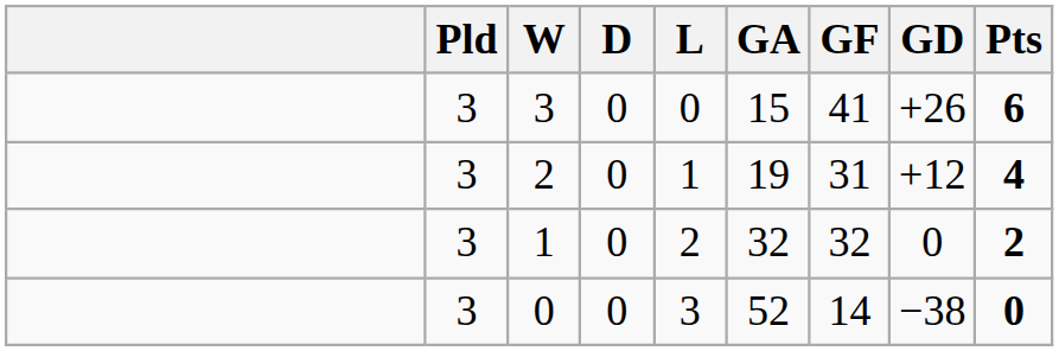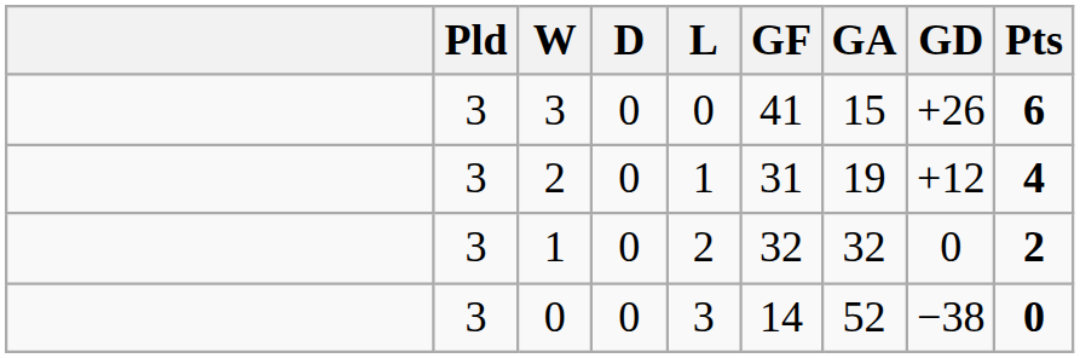 <table class="wikitable" style="text-align:center;">
 <tr>
 <th width=150></th>
 <th width=20>Pld</th>
 <th width=20>W</th>
 <th width=20>D</th>
 <th width=20>L</th>
+<th width=20>GF</th>
 <th width=20>GA</th>
-<th width=20>GF</th>
 <th width=20>GD</th>
 <th width=20>Pts</th>
 </tr>
 <tr>
 <td align="left"></td>
 <td>3</td>
 <td>3</td>
 <td>0</td>
 <td>0</td>
+<td>41</td>
 <td>15</td>
-<td>41</td>
 <td>+26</td>
 <td><strong>6</strong></td>
 </tr>
 <tr>
 <td align="left"></td>
 <td>3</td>
 <td>2</td>
 <td>0</td>
 <td>1</td>
+<td>31</td>
 <td>19</td>
-<td>31</td>
 <td>+12</td>
 <td><strong>4</strong></td>
 </tr>
 <tr>
 <td align="left"></td>
 <td>3</td>
 <td>1</td>
 <td>0</td>
 <td>2</td>
 <td>32</td>
 <td>32</td>
 <td>0</td>
 <td><strong>2</strong></td>
 </tr>
 <tr>
 <td align="left"></td>
 <td>3</td>
 <td>0</td>
 <td>0</td>
 <td>3</td>
+<td>14</td>
 <td>52</td>
-<td>14</td>
 <td>−38</td>
 <td><strong>0</strong></td>
 </tr>
 </table>
